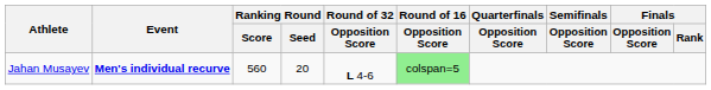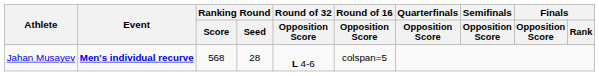 <table class="wikitable" style="text-align: center; font-size:90%">
 <tr>
 <th rowspan="2">Athlete</th>
 <th rowspan="2">Event</th>
 <th colspan="2">Ranking Round</th>
 <th>Round of 32</th>
 <th>Round of 16</th>
 <th>Quarterfinals</th>
 <th>Semifinals</th>
 <th colspan="2">Finals</th>
 </tr>
 <tr style="font-size:95%">
 <th>Score</th>
 <th>Seed</th>
 <th>Opposition<br>Score</th>
 <th>Opposition<br>Score</th>
 <th>Opposition<br>Score</th>
 <th>Opposition<br>Score</th>
 <th>Opposition<br>Score</th>
 <th>Rank</th>
 </tr>
 <tr>
 <td align=left><a href='#'>Jahan Musayev</a></td>
 <td align=left><strong><a href='#'>Men's individual recurve</a></strong></td>
-<td>560</td>
-<td>20</td>
+<td>568</td>
+<td>28</td>
 <td><br><strong>L</strong> 4-6</td>
-<td style="background: lightgreen;">colspan=5 </td>
+<td>colspan=5 </td>
 </tr>
 </table>
